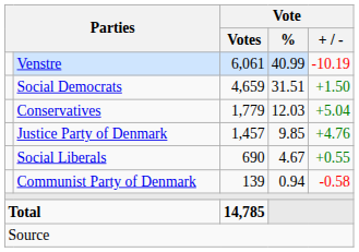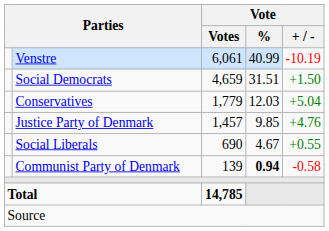 <table class="wikitable" style="text-align:right;">
 <tr>
 <th style="text-align:centre;" rowspan="2" colspan="2" width="225">Parties</th>
 <th colspan="3">Vote</th>
 </tr>
 <tr>
 <th width="15">Votes</th>
 <th width="15">%</th>
 <th width="15">+ / -</th>
 </tr>
 <tr>
 <td width="2" style="color:inherit;background:"></td>
 <td bgcolor=#cfe5fe  align="left"><a href='#'>Venstre</a></td>
 <td bgcolor=#cfe5fe>6,061</td>
 <td bgcolor=#cfe5fe>40.99</td>
 <td style=color:red;>-10.19</td>
 </tr>
 <tr>
 <td width="2" style="color:inherit;background:"></td>
 <td align="left"><a href='#'>Social Democrats</a></td>
 <td>4,659</td>
 <td>31.51</td>
 <td style=color:green;>+1.50</td>
 </tr>
 <tr>
 <td width="2" style="color:inherit;background:"></td>
 <td align="left"><a href='#'>Conservatives</a></td>
 <td>1,779</td>
 <td>12.03</td>
 <td style=color:green;>+5.04</td>
 </tr>
 <tr>
 <td width="2" style="color:inherit;background:"></td>
 <td align="left"><a href='#'>Justice Party of Denmark</a></td>
 <td>1,457</td>
 <td>9.85</td>
 <td style=color:green;>+4.76</td>
 </tr>
 <tr>
 <td width="2" style="color:inherit;background:"></td>
 <td align="left"><a href='#'>Social Liberals</a></td>
 <td>690</td>
 <td>4.67</td>
 <td style=color:green;>+0.55</td>
 </tr>
 <tr>
 <td width="2" style="color:inherit;background:"></td>
 <td align="left"><a href='#'>Communist Party of Denmark</a></td>
 <td>139</td>
-<td>0.94</td>
+<td><strong>0.94</strong></td>
 <td style=color:red;>-0.58</td>
 </tr>
 <tr>
 <td colspan="7" bgcolor="#E9E9E9"></td>
 </tr>
 <tr>
 <td align="left" colspan="2"><strong>Total</strong></td>
 <td><strong>14,785</strong></td>
 <td bgcolor="#E9E9E9" colspan="2"></td>
 </tr>
 <tr>
 <td align="left" colspan="6">Source</td>
 </tr>
 </table>
